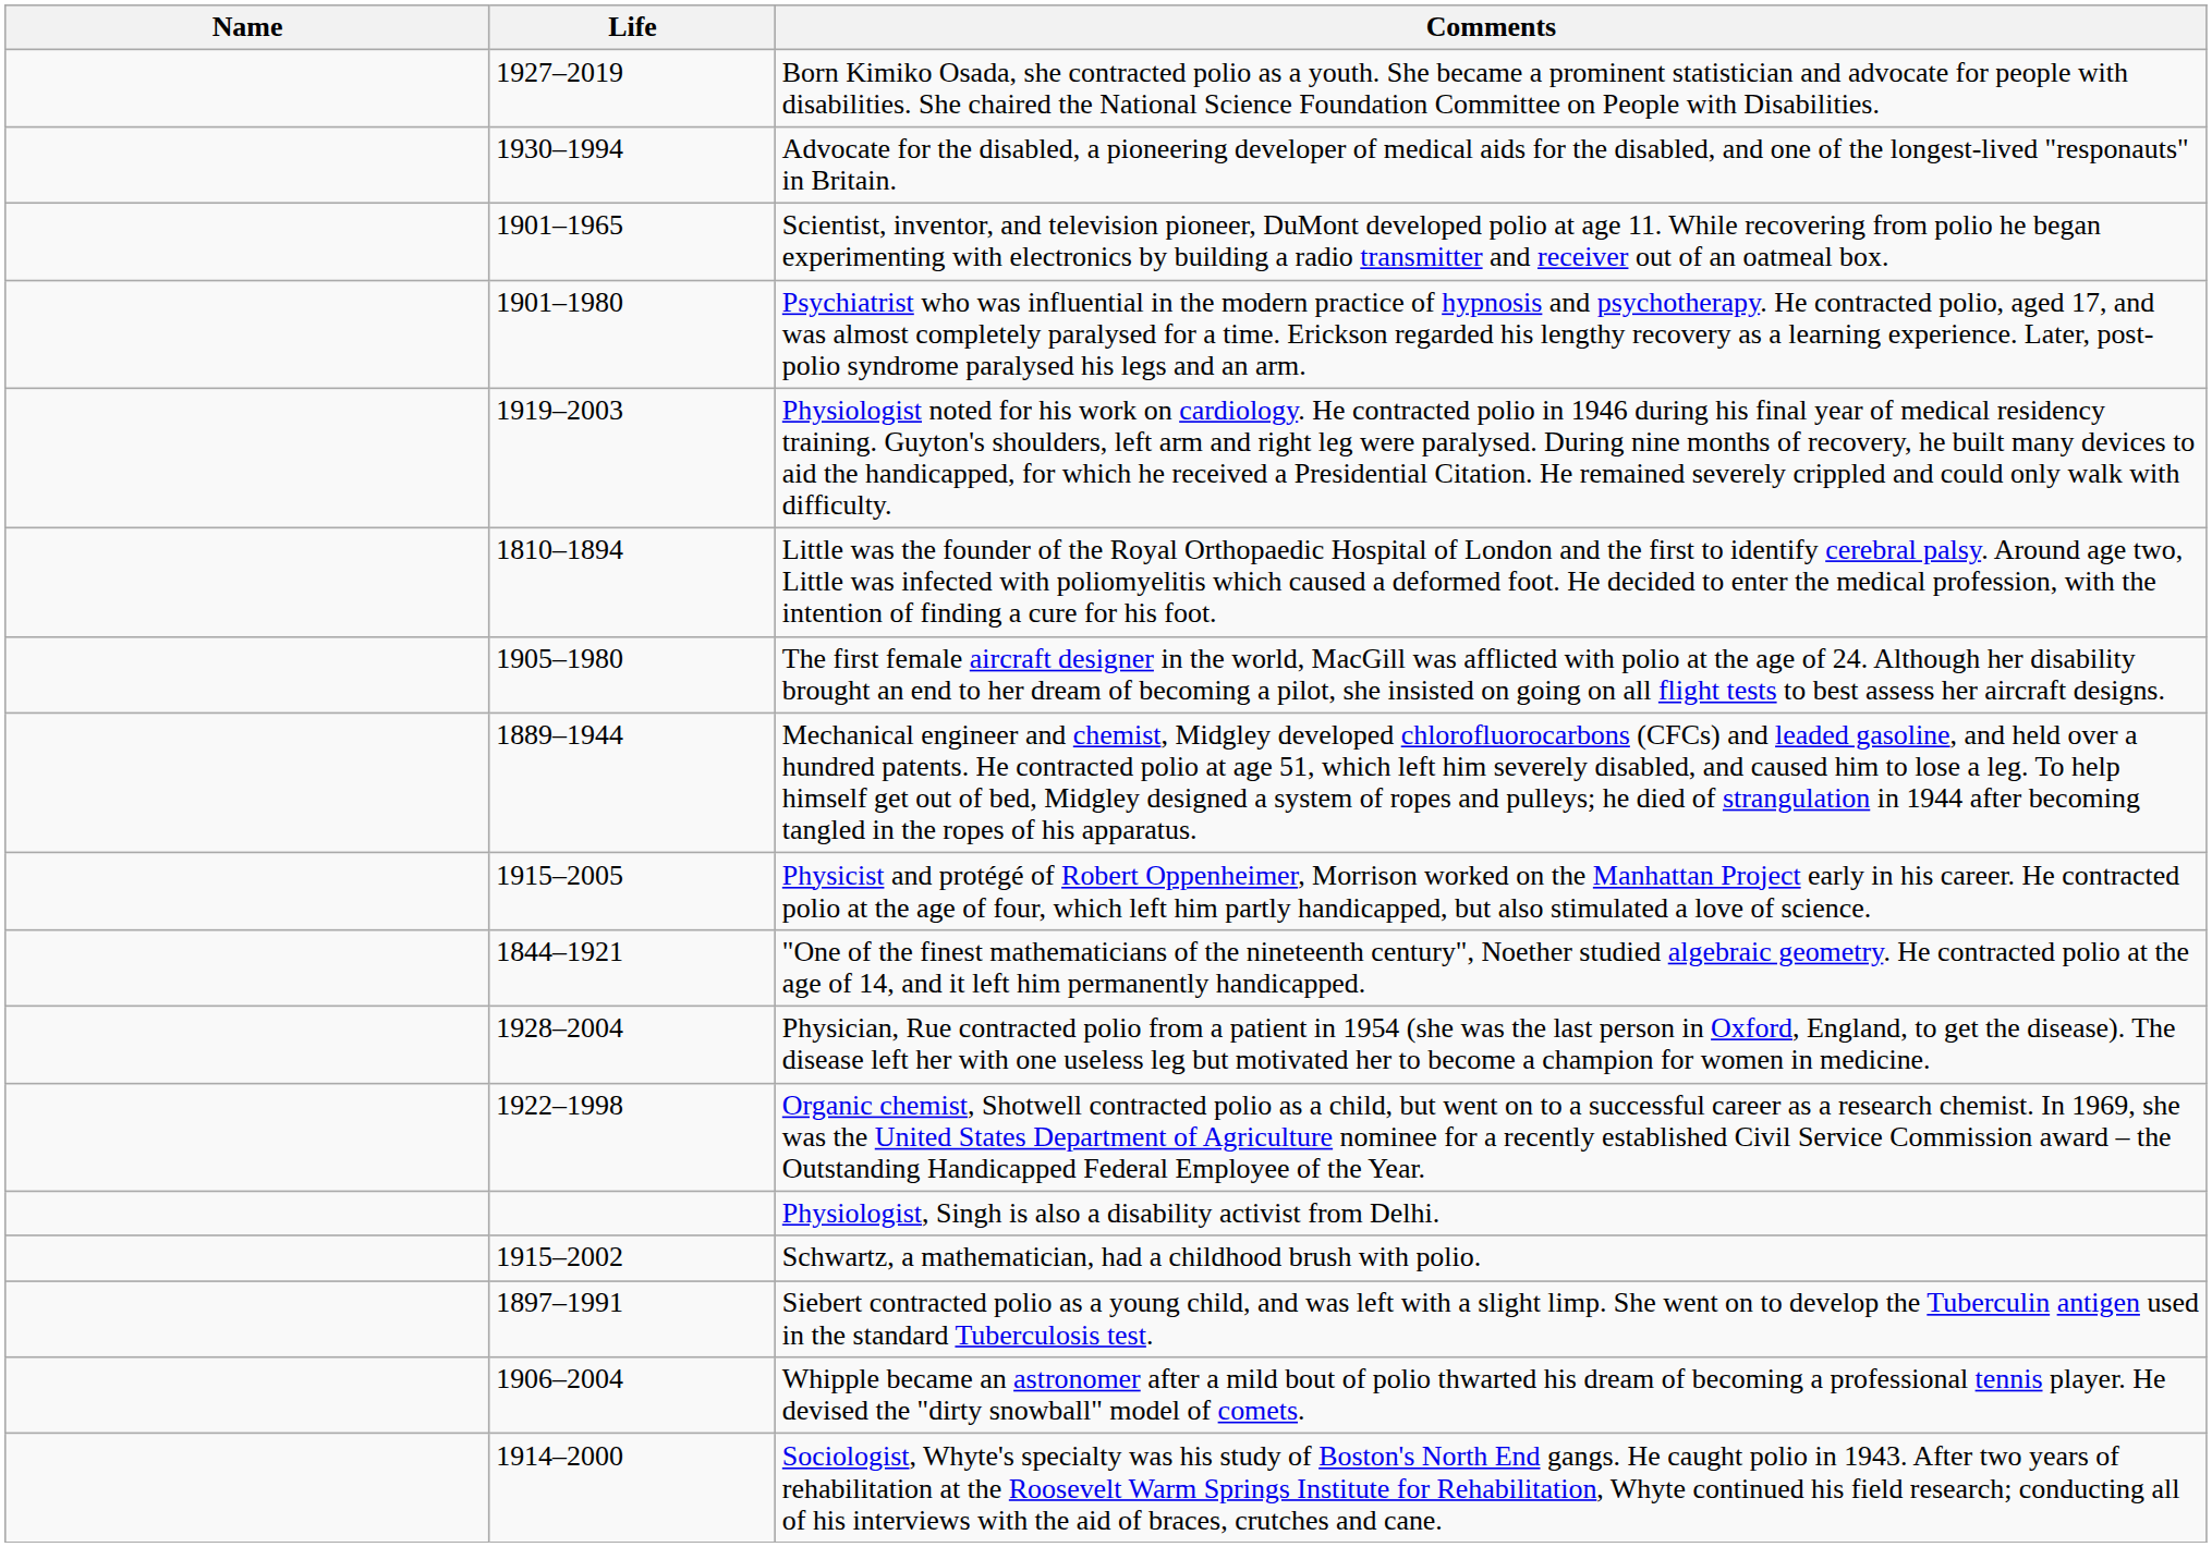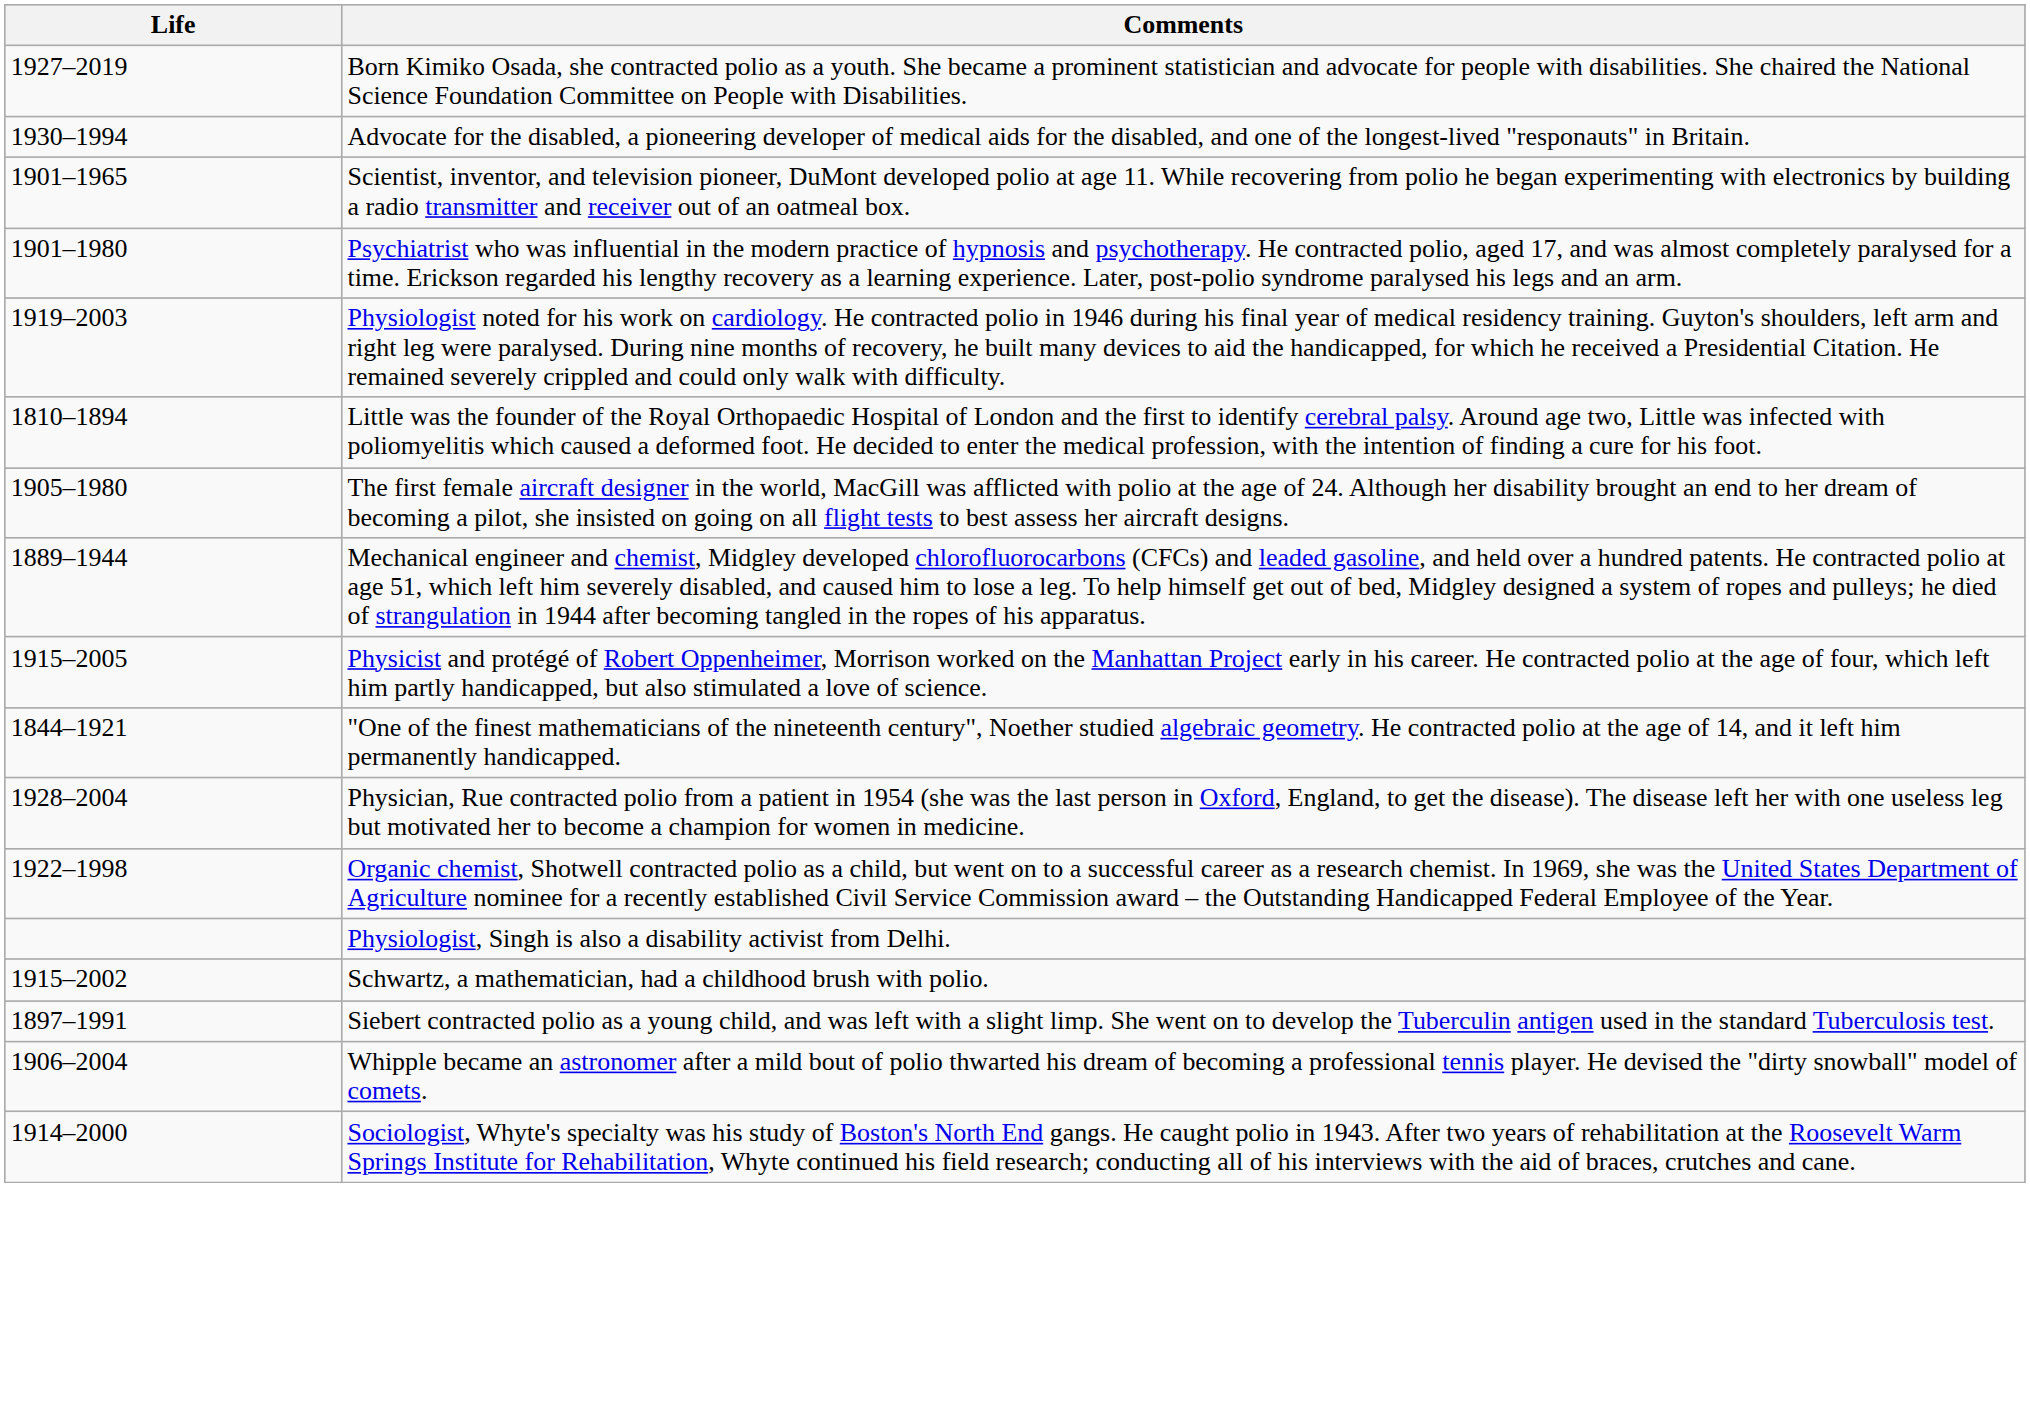 <table class="sortable wikitable">
 <tr>
-<th width="22%">Name</th>
 <th width="13%">Life</th>
 <th class="unsortable" width="65%">Comments</th>
 </tr>
 <tr valign="top">
-<td></td>
 <td>1927–2019</td>
 <td>Born Kimiko Osada, she contracted polio as a youth. She became a prominent statistician and advocate for people with disabilities. She chaired the National Science Foundation Committee on People with Disabilities.</td>
 </tr>
 <tr valign="top">
-<td></td>
 <td>1930–1994</td>
 <td>Advocate for the disabled, a pioneering developer of medical aids for the disabled, and one of the longest-lived "responauts" in Britain.</td>
 </tr>
 <tr valign="top">
-<td></td>
 <td>1901–1965</td>
 <td>Scientist, inventor, and television pioneer, DuMont developed polio at age 11. While recovering from polio he began experimenting with electronics by building a radio <a href='#'>transmitter</a> and <a href='#'>receiver</a> out of an oatmeal box.</td>
 </tr>
 <tr valign="top">
-<td></td>
 <td>1901–1980</td>
 <td><a href='#'>Psychiatrist</a> who was influential in the modern practice of <a href='#'>hypnosis</a> and <a href='#'>psychotherapy</a>. He contracted polio, aged 17, and was almost completely paralysed for a time. Erickson regarded his lengthy recovery as a learning experience. Later, post-polio syndrome paralysed his legs and an arm.</td>
 </tr>
 <tr valign="top">
-<td></td>
 <td>1919–2003</td>
 <td><a href='#'>Physiologist</a> noted for his work on <a href='#'>cardiology</a>. He contracted polio in 1946 during his final year of medical residency training. Guyton's shoulders, left arm and right leg were paralysed. During nine months of recovery, he built many devices to aid the handicapped, for which he received a Presidential Citation. He remained severely crippled and could only walk with difficulty.</td>
 </tr>
 <tr valign="top">
-<td></td>
 <td>1810–1894</td>
 <td>Little was the founder of the Royal Orthopaedic Hospital of London and the first to identify <a href='#'>cerebral palsy</a>. Around age two, Little was infected with poliomyelitis which caused a deformed foot. He decided to enter the medical profession, with the intention of finding a cure for his foot.</td>
 </tr>
 <tr valign="top">
-<td></td>
 <td>1905–1980</td>
 <td>The first female <a href='#'>aircraft designer</a> in the world, MacGill was afflicted with polio at the age of 24. Although her disability brought an end to her dream of becoming a pilot, she insisted on going on all <a href='#'>flight tests</a> to best assess her aircraft designs.</td>
 </tr>
 <tr valign="top">
-<td></td>
 <td>1889–1944</td>
 <td>Mechanical engineer and <a href='#'>chemist</a>, Midgley developed <a href='#'>chlorofluorocarbons</a> (CFCs) and <a href='#'>leaded gasoline</a>, and held over a hundred patents. He contracted polio at age 51, which left him severely disabled, and caused him to lose a leg. To help himself get out of bed, Midgley designed a system of ropes and pulleys; he died of <a href='#'>strangulation</a> in 1944 after becoming tangled in the ropes of his apparatus.</td>
 </tr>
 <tr valign="top">
-<td></td>
 <td>1915–2005</td>
 <td><a href='#'>Physicist</a> and protégé of <a href='#'>Robert Oppenheimer</a>, Morrison worked on the <a href='#'>Manhattan Project</a> early in his career. He contracted polio at the age of four, which left him partly handicapped, but also stimulated a love of science.</td>
 </tr>
 <tr valign="top">
-<td></td>
 <td>1844–1921</td>
 <td>"One of the finest mathematicians of the nineteenth century", Noether studied <a href='#'>algebraic geometry</a>. He contracted polio at the age of 14, and it left him permanently handicapped.</td>
 </tr>
 <tr valign="top">
-<td></td>
 <td>1928–2004</td>
 <td>Physician, Rue contracted polio from a patient in 1954 (she was the last person in <a href='#'>Oxford</a>, England, to get the disease). The disease left her with one useless leg but motivated her to become a champion for women in medicine.</td>
 </tr>
 <tr valign="top">
-<td></td>
 <td>1922–1998</td>
 <td><a href='#'>Organic chemist</a>, Shotwell contracted polio as a child, but went on to a successful career as a research chemist. In 1969, she was the <a href='#'>United States Department of Agriculture</a> nominee for a recently established Civil Service Commission award – the Outstanding Handicapped Federal Employee of the Year.</td>
 </tr>
 <tr valign="top">
 <td></td>
-<td></td>
 <td><a href='#'>Physiologist</a>, Singh is also a disability activist from Delhi.</td>
 </tr>
 <tr valign="top">
-<td></td>
 <td>1915–2002</td>
 <td>Schwartz, a mathematician, had a childhood brush with polio.</td>
 </tr>
 <tr valign="top">
-<td></td>
 <td>1897–1991</td>
 <td>Siebert contracted polio as a young child, and was left with a slight limp. She went on to develop the <a href='#'>Tuberculin</a> <a href='#'>antigen</a> used in the standard <a href='#'>Tuberculosis test</a>.</td>
 </tr>
 <tr valign="top">
-<td></td>
 <td>1906–2004</td>
 <td>Whipple became an <a href='#'>astronomer</a> after a mild bout of polio thwarted his dream of becoming a professional <a href='#'>tennis</a> player. He devised the "dirty snowball" model of <a href='#'>comets</a>.</td>
 </tr>
 <tr valign="top">
-<td></td>
 <td>1914–2000</td>
 <td><a href='#'>Sociologist</a>, Whyte's specialty was his study of <a href='#'>Boston's North End</a> gangs. He caught polio in 1943. After two years of rehabilitation at the <a href='#'>Roosevelt Warm Springs Institute for Rehabilitation</a>, Whyte continued his field research; conducting all of his interviews with the aid of braces, crutches and cane.</td>
 </tr>
 </table>
